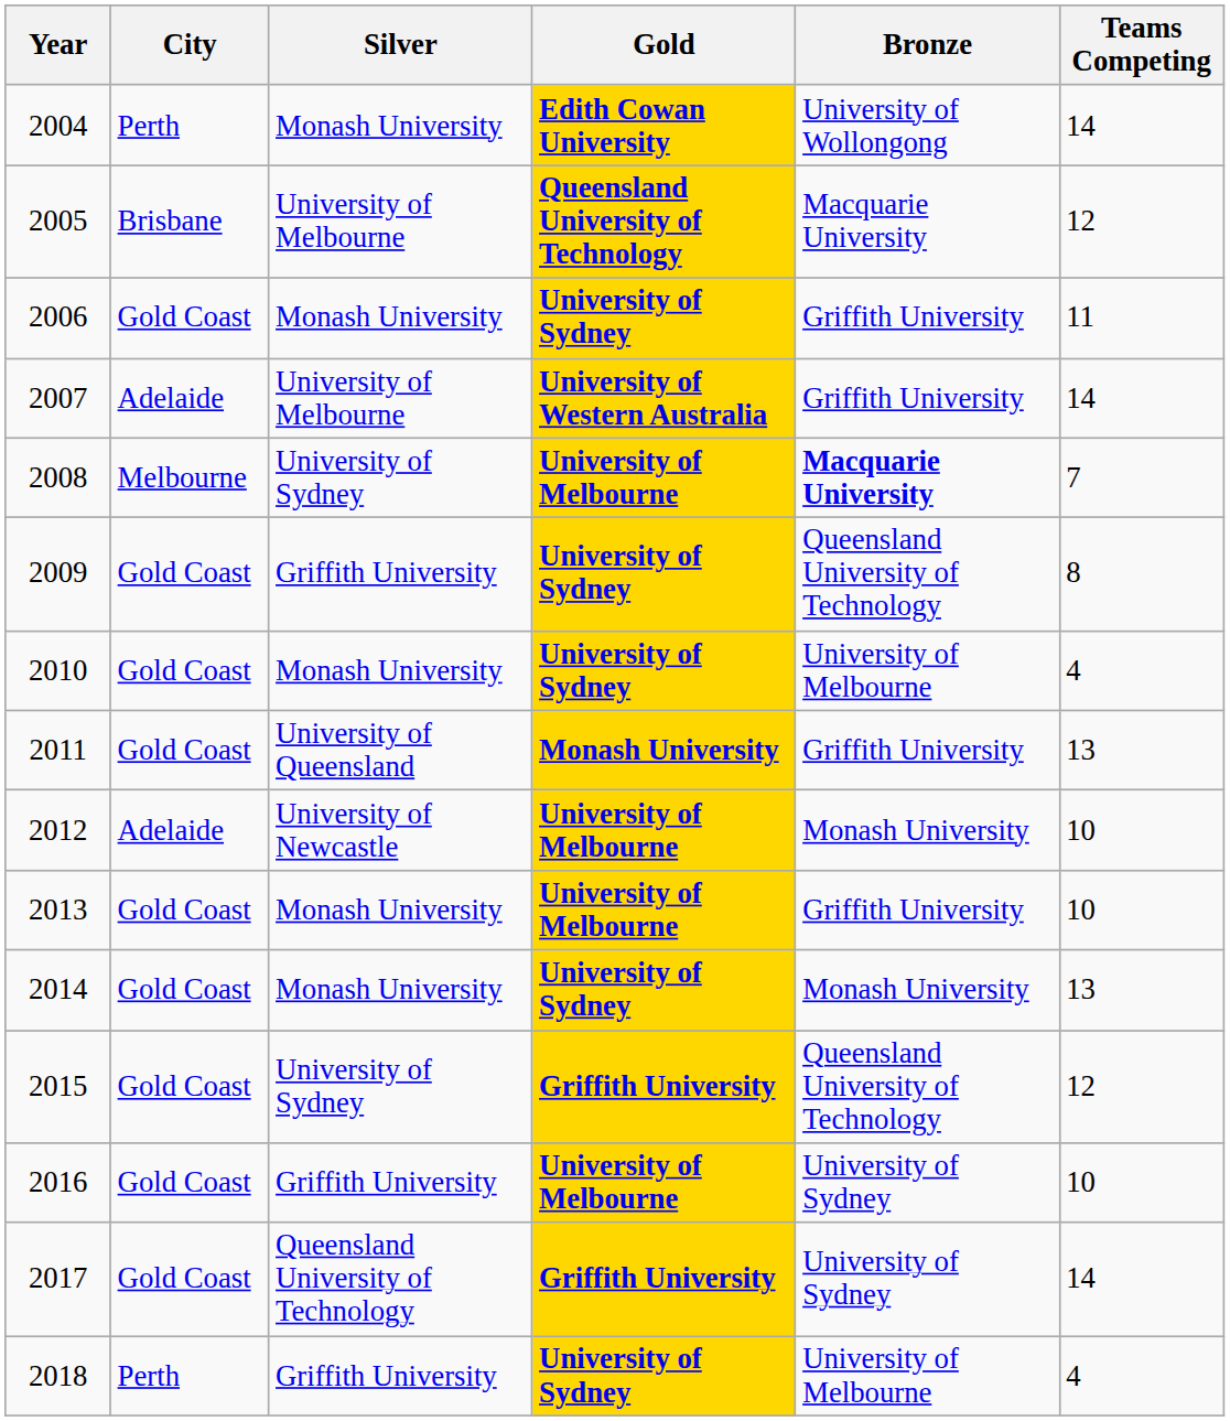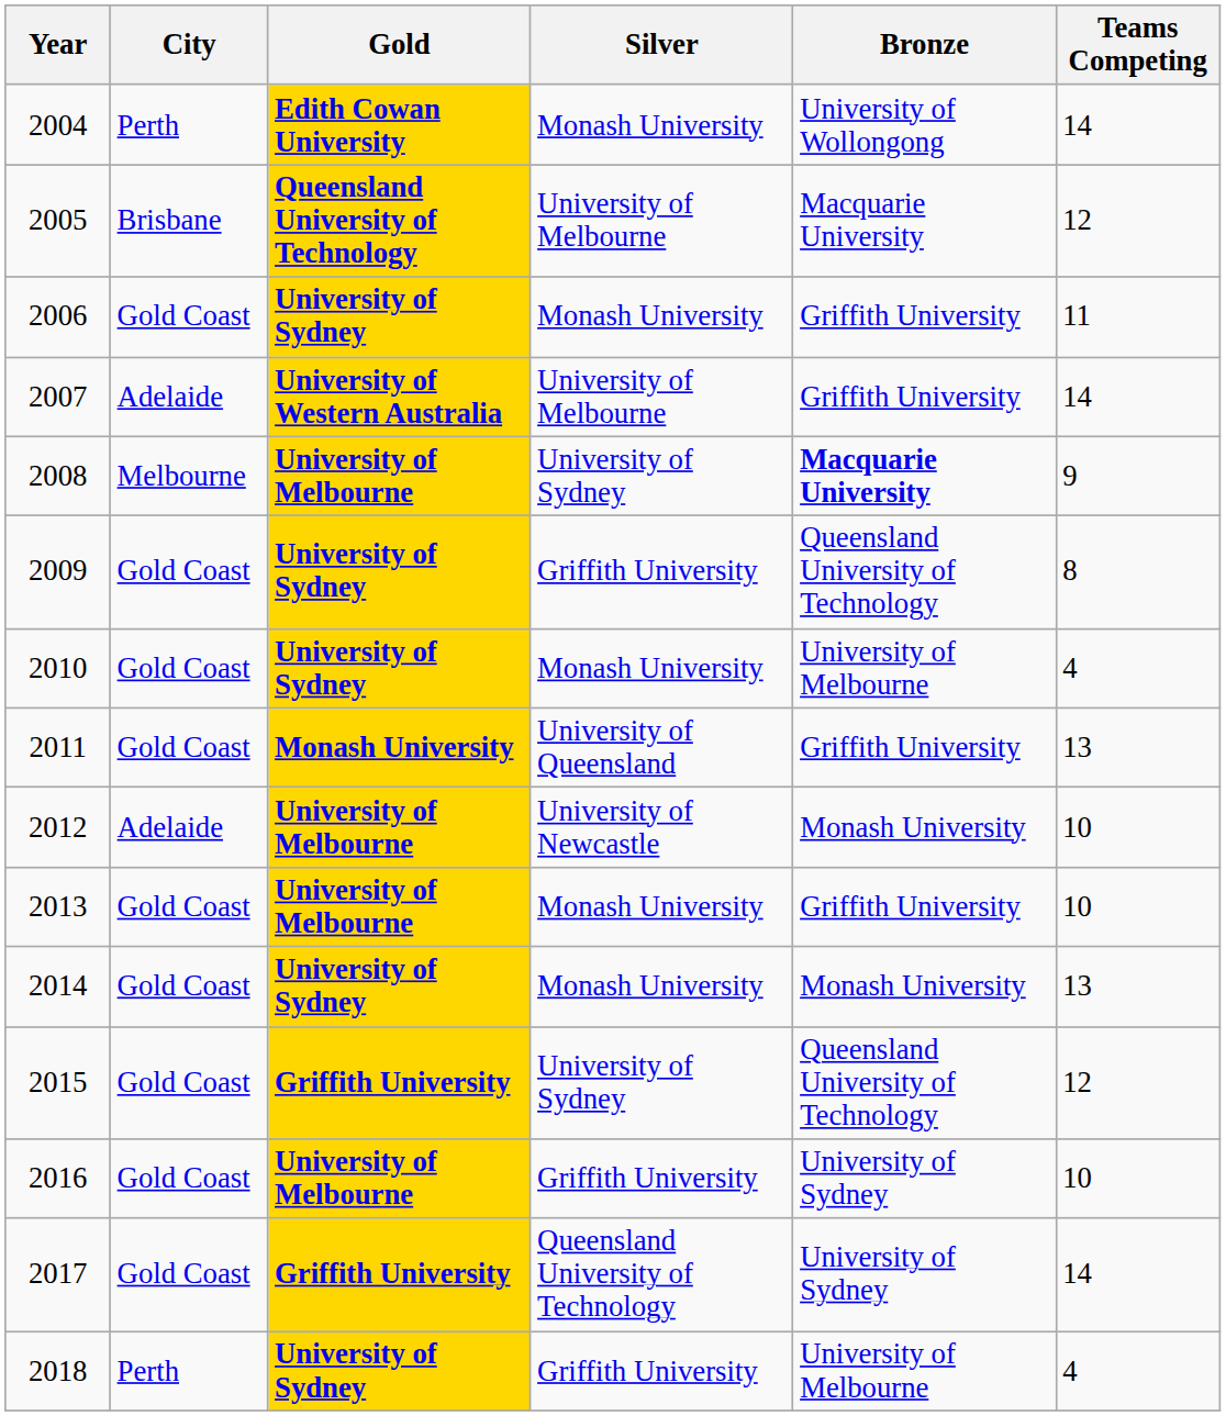 <table class="wikitable sortable" style="width:75%;">
 <tr style="background:#efefef;">
 <th width=8%>Year</th>
 <th width=12%>City</th>
+<th width=20%>Gold</th>
 <th width=20%>Silver</th>
-<th width=20%>Gold</th>
 <th width=20%>Bronze</th>
 <th width=12%>Teams Competing</th>
 </tr>
 <tr>
 <td align=center>2004</td>
 <td><a href='#'>Perth</a></td>
+<td style="background:gold"><strong><a href='#'>Edith Cowan University</a></strong></td>
 <td><a href='#'>Monash University</a></td>
-<td style="background:gold"><strong><a href='#'>Edith Cowan University</a></strong></td>
 <td><a href='#'>University of Wollongong</a></td>
 <td>14</td>
 </tr>
 <tr>
 <td align=center>2005</td>
 <td><a href='#'>Brisbane</a></td>
+<td style="background:gold"><strong><a href='#'>Queensland University of Technology</a></strong></td>
 <td><a href='#'>University of Melbourne</a></td>
-<td style="background:gold"><strong><a href='#'>Queensland University of Technology</a></strong></td>
 <td><a href='#'>Macquarie University</a></td>
 <td>12</td>
 </tr>
 <tr>
 <td align=center>2006</td>
 <td><a href='#'>Gold Coast</a></td>
+<td style="background:gold"><strong><a href='#'>University of Sydney</a></strong></td>
 <td><a href='#'>Monash University</a></td>
-<td style="background:gold"><strong><a href='#'>University of Sydney</a></strong></td>
 <td><a href='#'>Griffith University</a></td>
 <td>11</td>
 </tr>
 <tr>
 <td align=center>2007</td>
 <td><a href='#'>Adelaide</a></td>
+<td style="background:gold"><strong><a href='#'>University of Western Australia</a></strong></td>
 <td><a href='#'>University of Melbourne</a></td>
-<td style="background:gold"><strong><a href='#'>University of Western Australia</a></strong></td>
 <td><a href='#'>Griffith University</a></td>
 <td>14</td>
 </tr>
 <tr>
 <td align=center>2008</td>
 <td><a href='#'>Melbourne</a></td>
+<td style="background:gold"><strong><a href='#'>University of Melbourne</a></strong></td>
 <td><a href='#'>University of Sydney</a></td>
-<td style="background:gold"><strong><a href='#'>University of Melbourne</a></strong></td>
 <td><strong><a href='#'>Macquarie University</a></strong></td>
-<td>7</td>
+<td>9</td>
 </tr>
 <tr>
 <td align=center>2009</td>
 <td><a href='#'>Gold Coast</a></td>
+<td style="background:gold"><strong><a href='#'>University of Sydney</a></strong></td>
 <td><a href='#'>Griffith University</a></td>
-<td style="background:gold"><strong><a href='#'>University of Sydney</a></strong></td>
 <td><a href='#'>Queensland University of Technology</a></td>
 <td>8</td>
 </tr>
 <tr>
 <td align=center>2010</td>
 <td><a href='#'>Gold Coast</a></td>
+<td style="background:gold"><strong><a href='#'>University of Sydney</a></strong></td>
 <td><a href='#'>Monash University</a></td>
-<td style="background:gold"><strong><a href='#'>University of Sydney</a></strong></td>
 <td><a href='#'>University of Melbourne</a></td>
 <td>4</td>
 </tr>
 <tr>
 <td align=center>2011</td>
 <td><a href='#'>Gold Coast</a></td>
+<td style="background:gold"><strong><a href='#'>Monash University</a></strong></td>
 <td><a href='#'>University of Queensland</a></td>
-<td style="background:gold"><strong><a href='#'>Monash University</a></strong></td>
 <td><a href='#'>Griffith University</a></td>
 <td>13</td>
 </tr>
 <tr>
 <td align=center>2012</td>
 <td><a href='#'>Adelaide</a></td>
+<td style="background:gold"><strong><a href='#'>University of Melbourne</a></strong></td>
 <td><a href='#'>University of Newcastle</a></td>
-<td style="background:gold"><strong><a href='#'>University of Melbourne</a></strong></td>
 <td><a href='#'>Monash University</a></td>
 <td>10</td>
 </tr>
 <tr>
 <td align=center>2013</td>
 <td><a href='#'>Gold Coast</a></td>
+<td style="background:gold"><strong><a href='#'>University of Melbourne</a></strong></td>
 <td><a href='#'>Monash University</a></td>
-<td style="background:gold"><strong><a href='#'>University of Melbourne</a></strong></td>
 <td><a href='#'>Griffith University</a></td>
 <td>10</td>
 </tr>
 <tr>
 <td align=center>2014</td>
 <td><a href='#'>Gold Coast</a></td>
+<td style="background:gold"><strong><a href='#'>University of Sydney</a></strong></td>
 <td><a href='#'>Monash University</a></td>
-<td style="background:gold"><strong><a href='#'>University of Sydney</a></strong></td>
 <td><a href='#'>Monash University</a></td>
 <td>13</td>
 </tr>
 <tr>
 <td align=center>2015</td>
 <td><a href='#'>Gold Coast</a></td>
+<td style="background:gold"><strong><a href='#'>Griffith University</a></strong></td>
 <td><a href='#'>University of Sydney</a></td>
-<td style="background:gold"><strong><a href='#'>Griffith University</a></strong></td>
 <td><a href='#'>Queensland University of Technology</a></td>
 <td>12</td>
 </tr>
 <tr>
 <td align=center>2016</td>
 <td><a href='#'>Gold Coast</a></td>
+<td style="background:gold"><strong><a href='#'>University of Melbourne</a></strong></td>
 <td><a href='#'>Griffith University</a></td>
-<td style="background:gold"><strong><a href='#'>University of Melbourne</a></strong></td>
 <td><a href='#'>University of Sydney</a></td>
 <td>10</td>
 </tr>
 <tr>
 <td align=center>2017</td>
 <td><a href='#'>Gold Coast</a></td>
+<td style="background:gold"><strong><a href='#'>Griffith University</a></strong></td>
 <td><a href='#'>Queensland University of Technology</a></td>
-<td style="background:gold"><strong><a href='#'>Griffith University</a></strong></td>
 <td><a href='#'>University of Sydney</a></td>
 <td>14</td>
 </tr>
 <tr>
 <td align=center>2018</td>
 <td><a href='#'>Perth</a></td>
+<td style="background:gold"><strong><a href='#'>University of Sydney</a></strong></td>
 <td><a href='#'>Griffith University</a></td>
-<td style="background:gold"><strong><a href='#'>University of Sydney</a></strong></td>
 <td><a href='#'>University of Melbourne</a></td>
 <td>4</td>
 </tr>
 </table>
